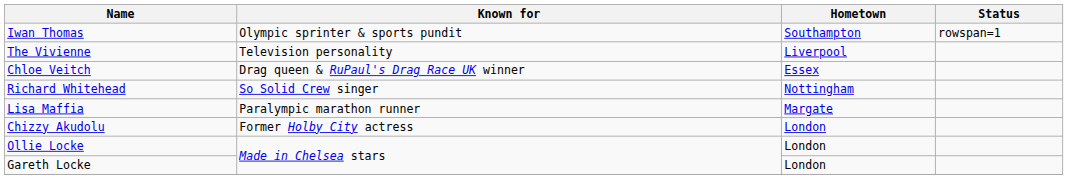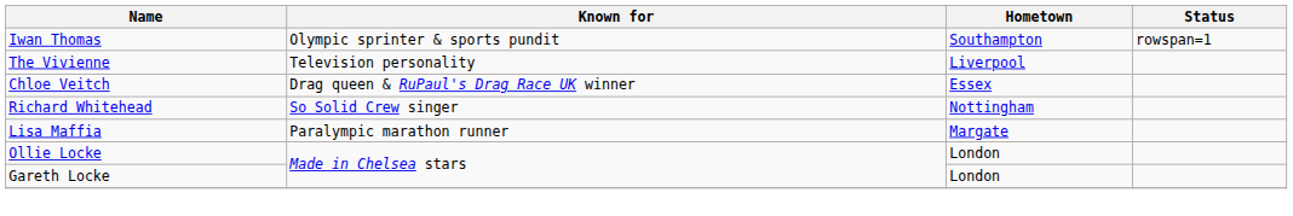 <table class="wikitable sortable" width=60%>
 <tr>
 <th>Name</th>
 <th>Known for</th>
 <th>Hometown</th>
 <th>Status</th>
 </tr>
 <tr>
 <td><a href='#'>Iwan Thomas</a></td>
 <td>Olympic sprinter & sports pundit</td>
 <td><a href='#'>Southampton</a></td>
 <td>rowspan=1 </td>
 </tr>
 <tr>
 <td><a href='#'>The Vivienne</a></td>
 <td>Television personality</td>
 <td><a href='#'>Liverpool</a></td>
 <td></td>
 </tr>
 <tr>
 <td><a href='#'>Chloe Veitch</a></td>
 <td>Drag queen & <em><a href='#'>RuPaul's Drag Race UK</a></em> winner</td>
 <td><a href='#'>Essex</a></td>
 <td></td>
 </tr>
 <tr>
 <td><a href='#'>Richard Whitehead</a></td>
 <td><a href='#'>So Solid Crew</a> singer</td>
 <td><a href='#'>Nottingham</a></td>
 <td></td>
 </tr>
 <tr>
 <td><a href='#'>Lisa Maffia</a></td>
 <td>Paralympic marathon runner</td>
 <td><a href='#'>Margate</a></td>
 <td></td>
 </tr>
 <tr>
-<td><a href='#'>Chizzy Akudolu</a></td>
-<td>Former <em><a href='#'>Holby City</a></em> actress</td>
-<td><a href='#'>London</a></td>
-<td></td>
-</tr>
-<tr>
 <td><a href='#'>Ollie Locke</a></td>
 <td rowspan="2"><em><a href='#'>Made in Chelsea</a></em> stars</td>
 <td>London</td>
 <td></td>
 </tr>
 <tr>
 <td>Gareth Locke</td>
 <td>London</td>
 <td></td>
 </tr>
 <tr>
 </tr>
 </table>
